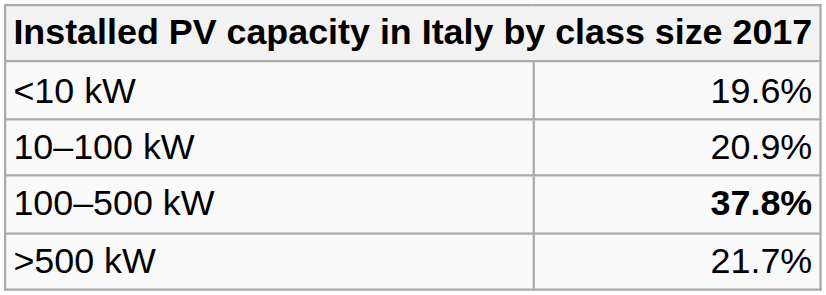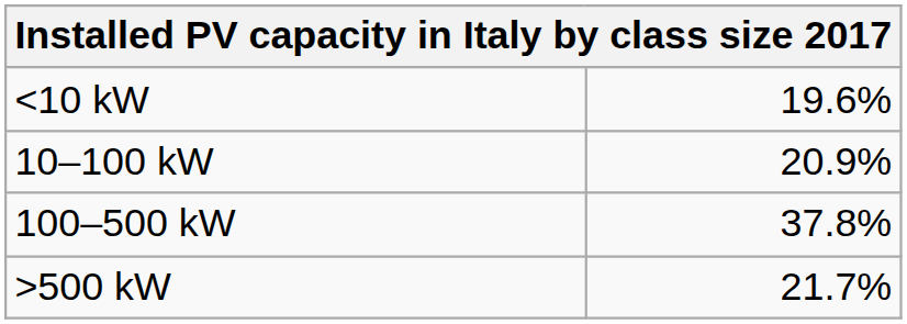 <table class="wikitable">
 <tr>
 <th colspan="2">Installed PV capacity in Italy by class size 2017</th>
 </tr>
 <tr>
 <td><10 kW</td>
 <td align="right">19.6%</td>
 </tr>
 <tr>
 <td>10–100 kW</td>
 <td align="right">20.9%</td>
 </tr>
 <tr>
 <td>100–500 kW</td>
-<td align="right"><strong>37.8%</strong></td>
+<td align="right">37.8%</td>
 </tr>
 <tr>
 <td>>500 kW</td>
 <td align="right">21.7%</td>
 </tr>
 </table>
